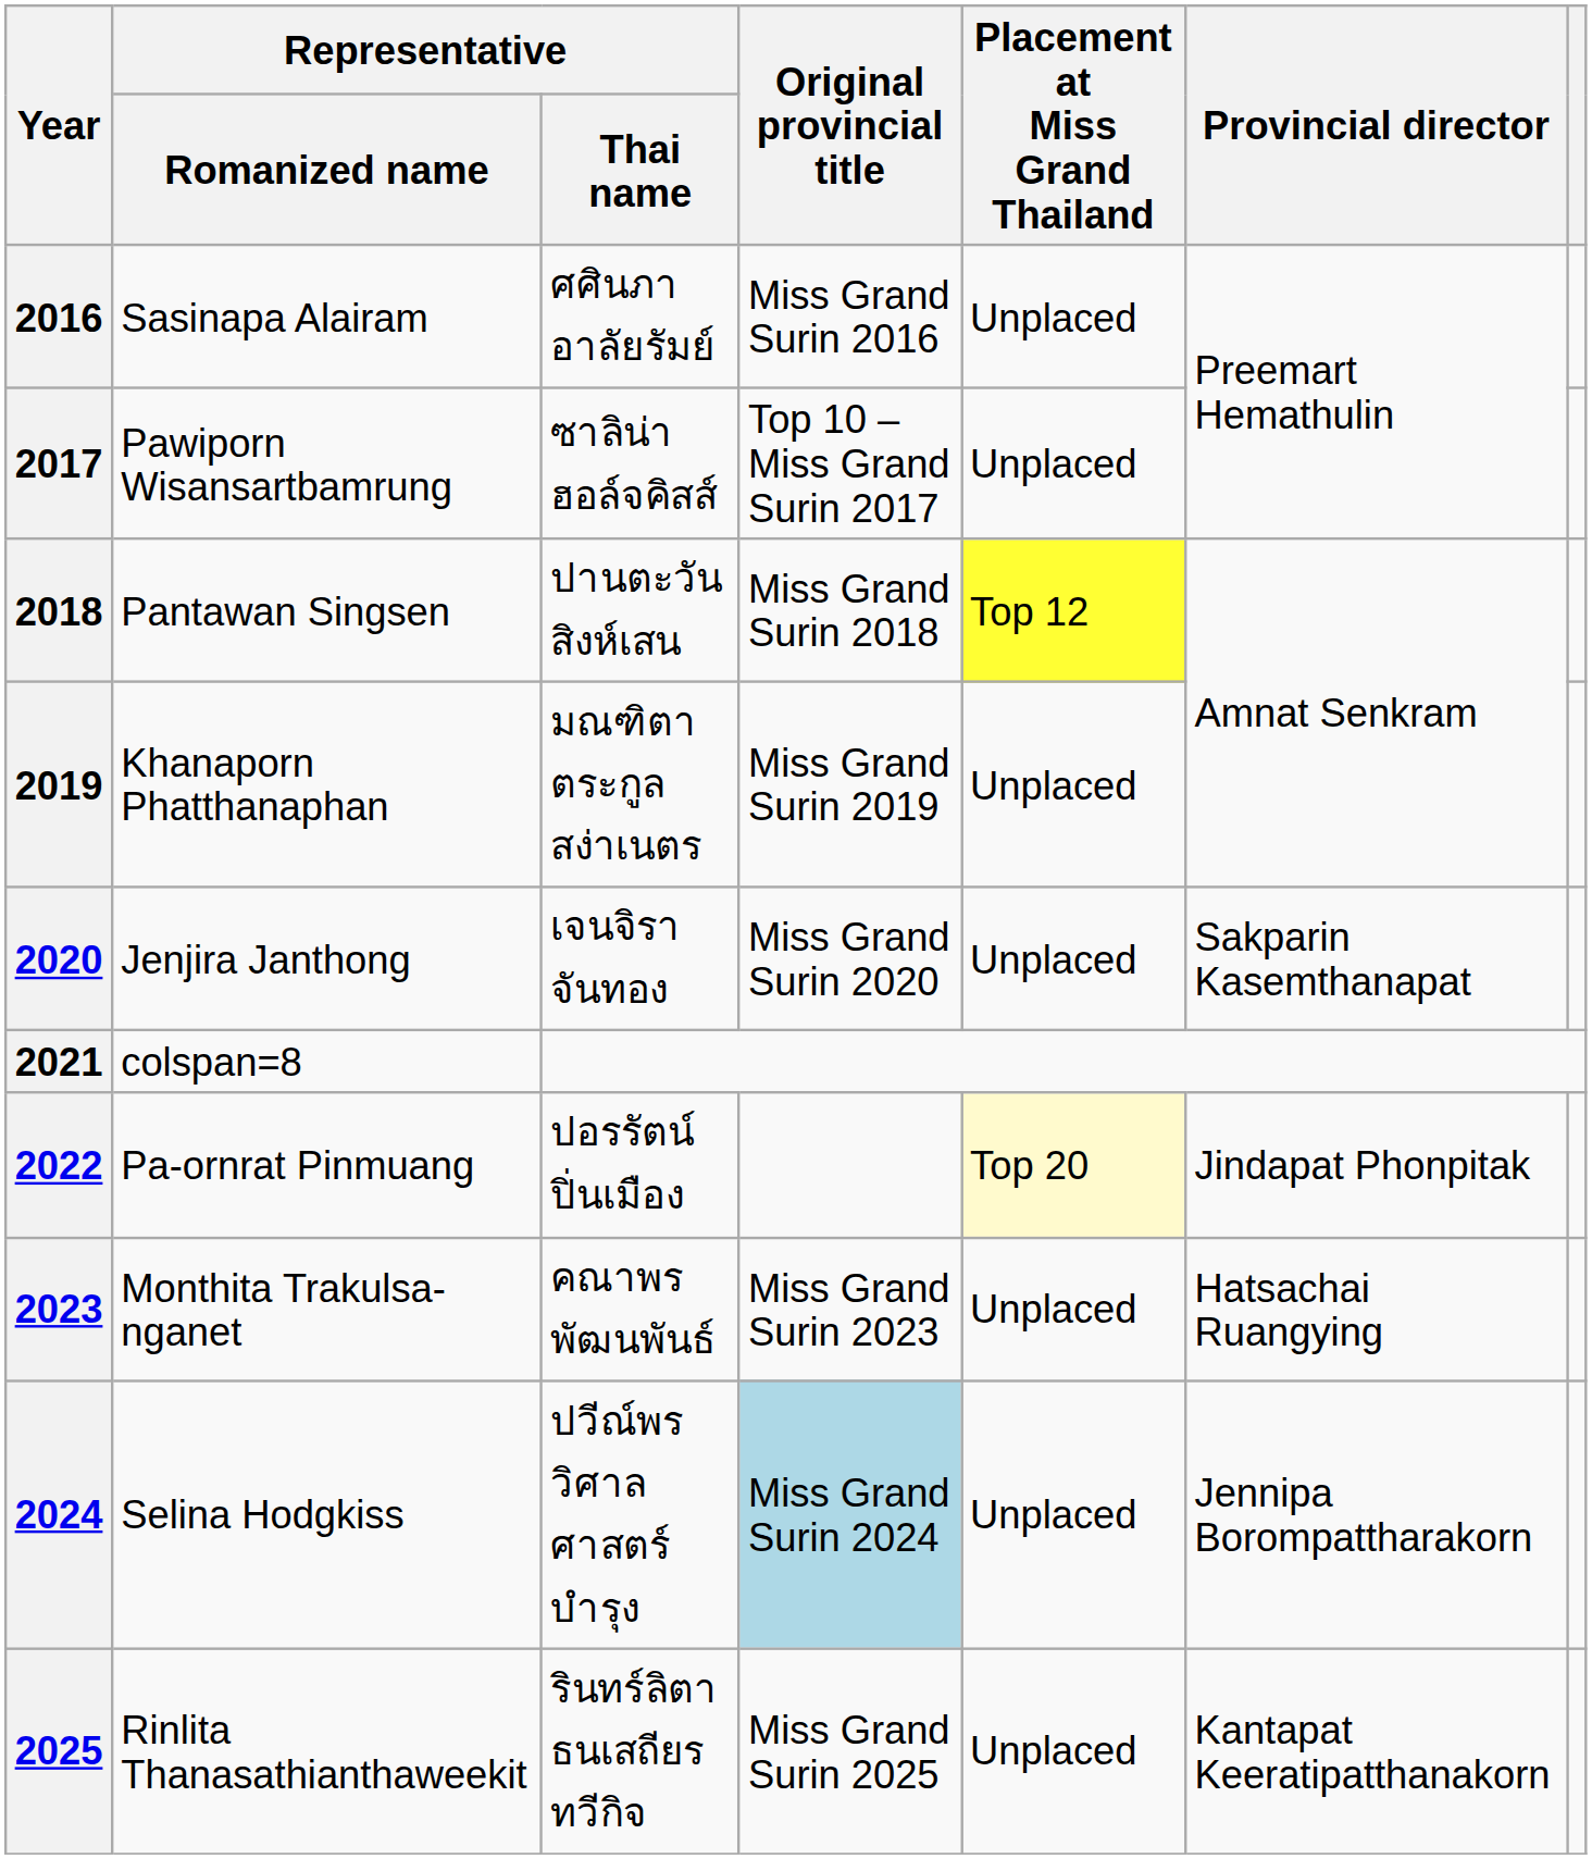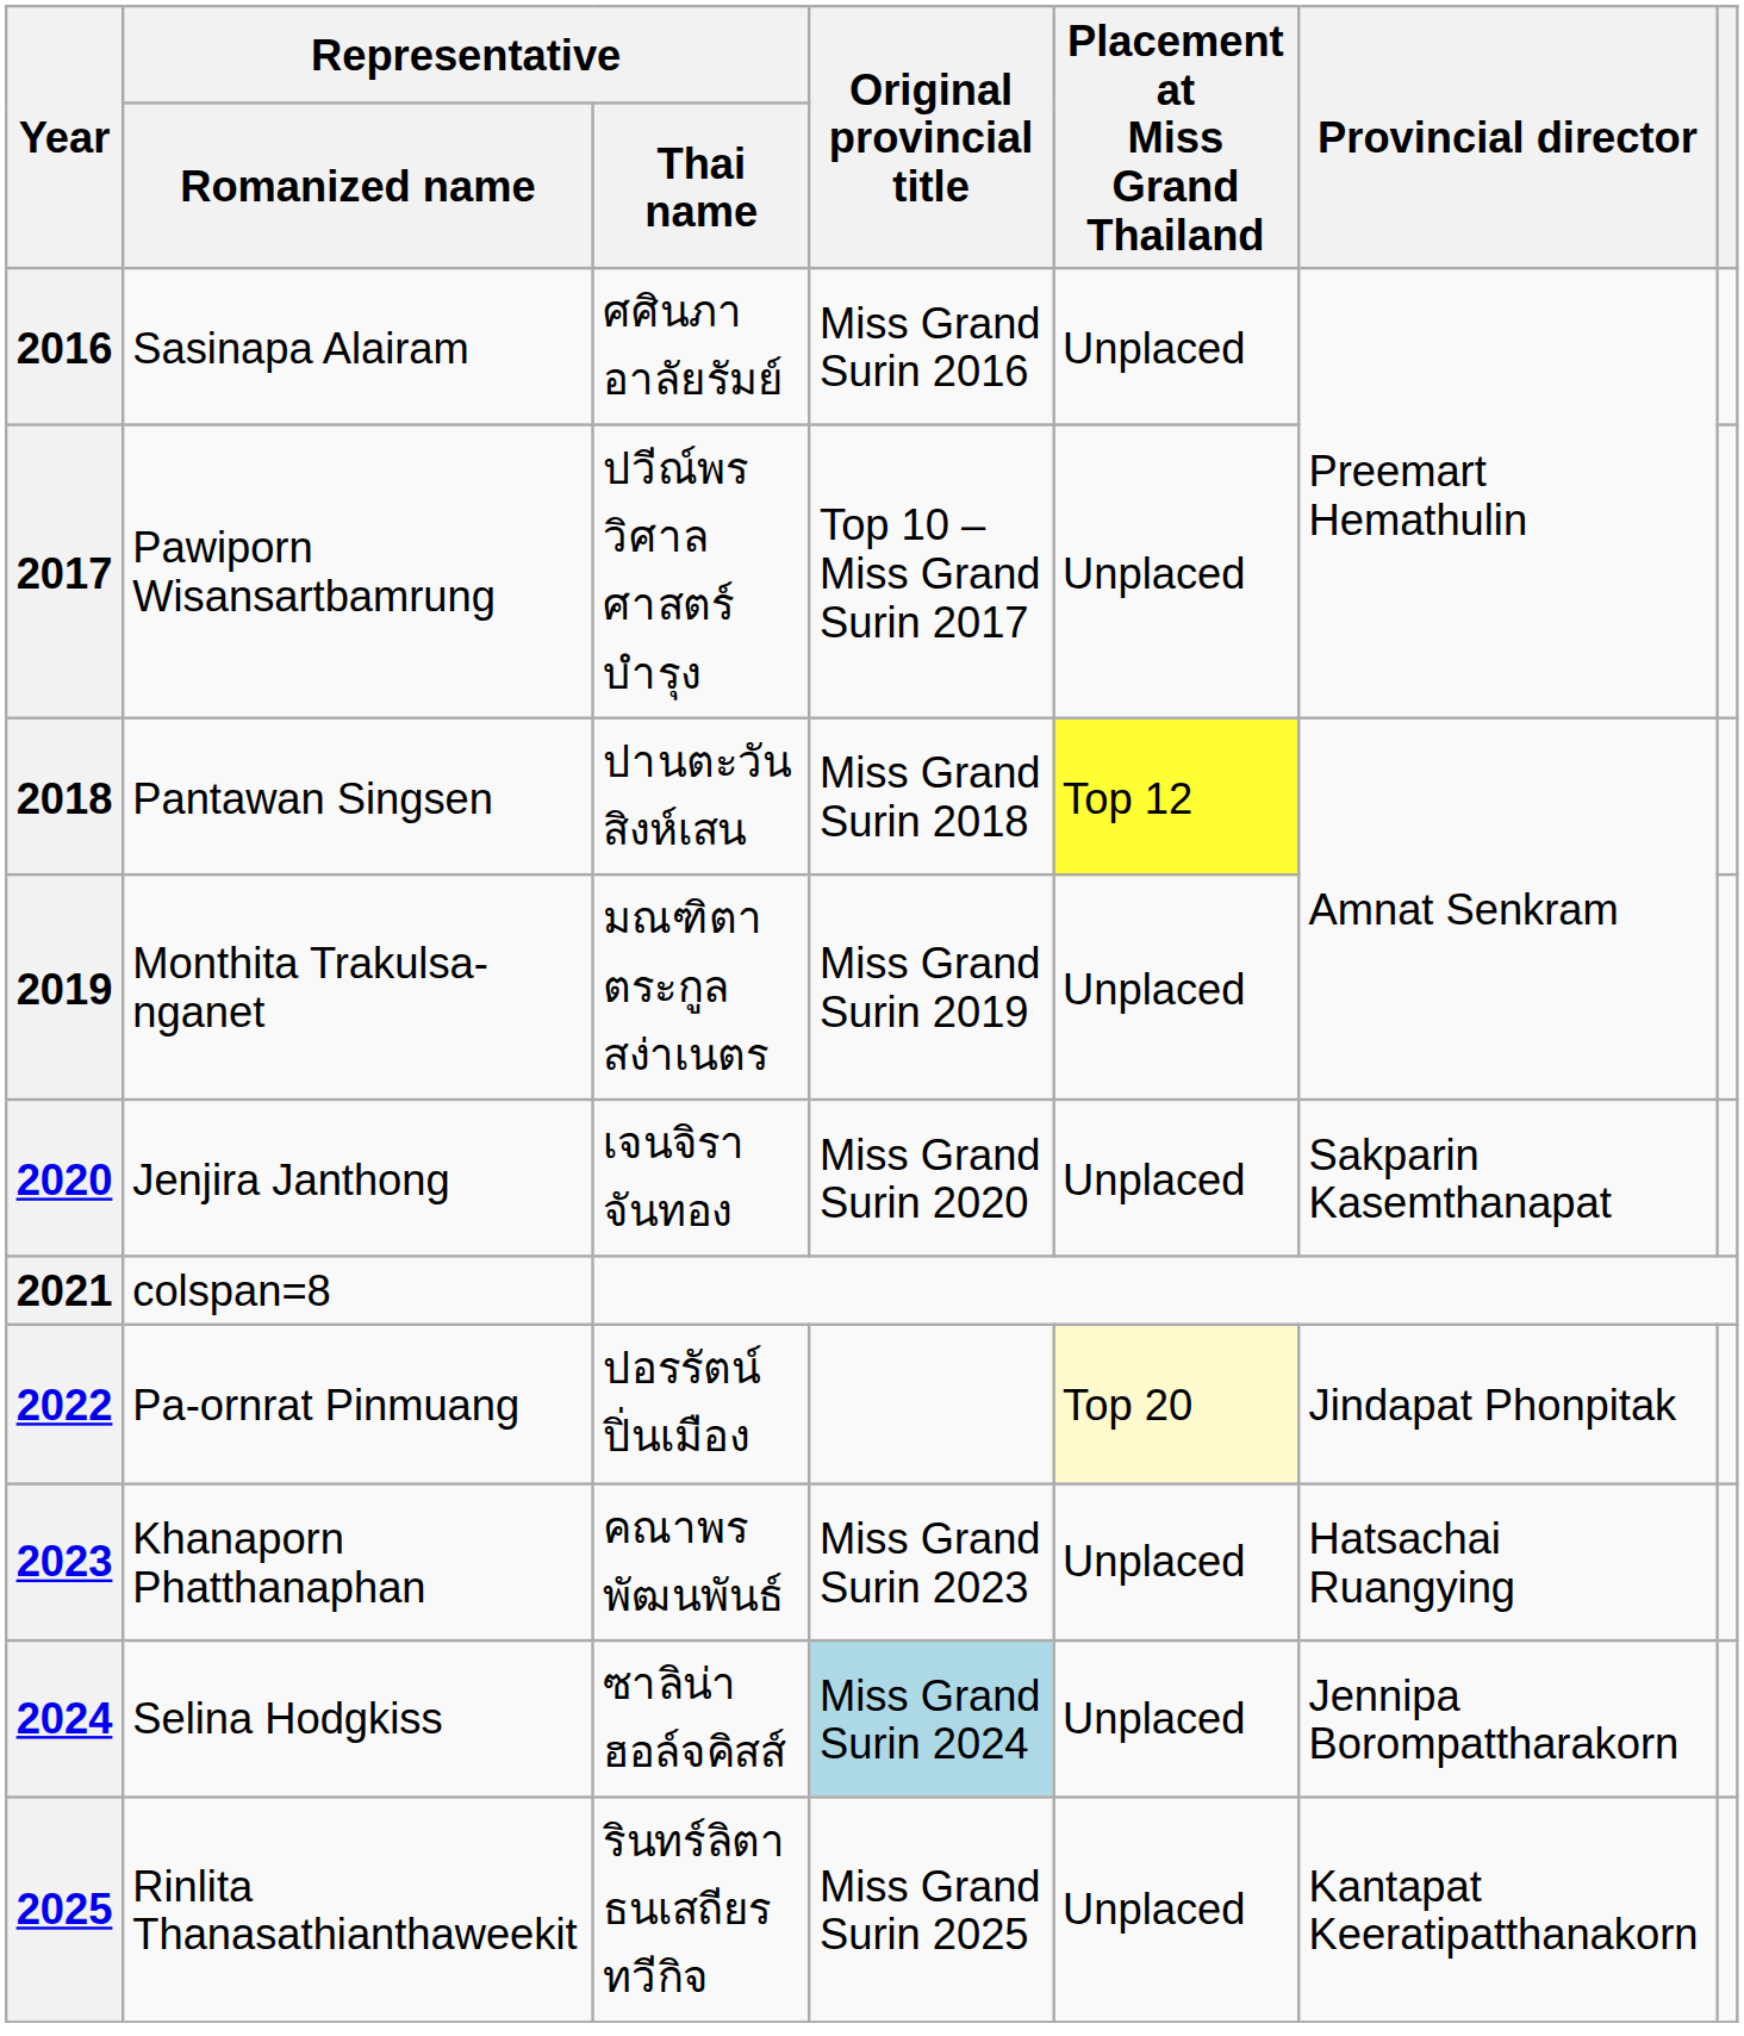 <table class="wikitable defaultcenter col2left col3left col6left" style="font-size:95%;">
 <tr>
 <th rowspan=2>Year</th>
 <th colspan=2>Representative</th>
 <th rowspan=2>Original provincial title</th>
 <th rowspan=2>Placement at<br>Miss Grand Thailand</th>
 <th rowspan=2>Provincial director</th>
 <th rowspan=2></th>
 </tr>
 <tr>
 <th>Romanized name</th>
 <th>Thai name</th>
 </tr>
 <tr>
 <th>2016</th>
 <td>Sasinapa Alairam</td>
 <td>ศศินภา อาลัยรัมย์</td>
 <td>Miss Grand Surin 2016</td>
 <td>Unplaced</td>
 <td rowspan=2>Preemart Hemathulin</td>
 <td></td>
 </tr>
 <tr>
 <th>2017</th>
 <td>Pawiporn Wisansartbamrung</td>
-<td>ซาลิน่า ฮอล์จคิสส์</td>
+<td>ปวีณ์พร วิศาลศาสตร์บำรุง</td>
 <td>Top 10 – Miss Grand Surin 2017</td>
 <td>Unplaced</td>
 <td></td>
 </tr>
 <tr>
 <th>2018</th>
 <td>Pantawan Singsen</td>
 <td>ปานตะวัน สิงห์เสน</td>
 <td>Miss Grand Surin 2018</td>
 <td bgcolor=#FFFF33>Top 12</td>
 <td rowspan=2>Amnat Senkram</td>
 <td></td>
 </tr>
 <tr>
 <th>2019</th>
-<td>Khanaporn Phatthanaphan</td>
+<td>Monthita Trakulsa-nganet</td>
 <td>มณฑิตา ตระกูลสง่าเนตร</td>
 <td>Miss Grand Surin 2019</td>
 <td>Unplaced</td>
 <td></td>
 </tr>
 <tr>
 <th><a href='#'>2020</a></th>
 <td>Jenjira Janthong</td>
 <td>เจนจิรา จันทอง</td>
 <td>Miss Grand Surin 2020</td>
 <td>Unplaced</td>
 <td>Sakparin Kasemthanapat</td>
 <td></td>
 </tr>
 <tr>
 <th>2021</th>
 <td>colspan=8 </td>
 </tr>
 <tr>
 <th><a href='#'>2022</a></th>
 <td>Pa-ornrat Pinmuang</td>
 <td>ปอรรัตน์ ปิ่นเมือง</td>
 <td></td>
 <td bgcolor=#FFFACD>Top 20</td>
 <td>Jindapat Phonpitak</td>
 <td></td>
 </tr>
 <tr>
 <th><a href='#'>2023</a></th>
-<td>Monthita Trakulsa-nganet</td>
+<td>Khanaporn Phatthanaphan</td>
 <td>คณาพร พัฒนพันธ์</td>
 <td>Miss Grand Surin 2023</td>
 <td>Unplaced</td>
 <td>Hatsachai Ruangying</td>
 <td></td>
 </tr>
 <tr>
 <th><a href='#'>2024</a></th>
 <td>Selina Hodgkiss</td>
-<td>ปวีณ์พร วิศาลศาสตร์บำรุง</td>
+<td>ซาลิน่า ฮอล์จคิสส์</td>
 <td style="background: lightblue;">Miss Grand Surin 2024</td>
 <td>Unplaced</td>
 <td>Jennipa Borompattharakorn</td>
 <td></td>
 </tr>
 <tr>
 <th><a href='#'>2025</a></th>
 <td>Rinlita Thanasathianthaweekit</td>
 <td>รินทร์ลิตา ธนเสถียรทวีกิจ</td>
 <td>Miss Grand Surin 2025</td>
 <td>Unplaced</td>
 <td>Kantapat Keeratipatthanakorn</td>
 <td></td>
 </tr>
 </table>
